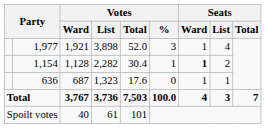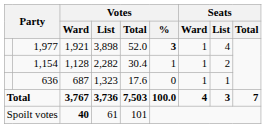 <table class=wikitable style="text-align:right">
 <tr>
 <th rowspan="2" colspan="2">Party</th>
 <th colspan="4" align="center">Votes</th>
 <th colspan="3" align="center">Seats</th>
 </tr>
 <tr>
 <th>Ward</th>
 <th>List</th>
 <th>Total</th>
 <th>%</th>
 <th>Ward</th>
 <th>List</th>
 <th>Total</th>
 </tr>
 <tr>
 <td></td>
 <td>1,977</td>
 <td>1,921</td>
 <td>3,898</td>
 <td>52.0</td>
-<td>3</td>
+<td><strong>3</strong></td>
 <td>1</td>
 <td>4</td>
 </tr>
 <tr>
 <td></td>
 <td>1,154</td>
 <td>1,128</td>
 <td>2,282</td>
 <td>30.4</td>
 <td>1</td>
-<td><strong>1</strong></td>
+<td>1</td>
 <td>2</td>
 </tr>
 <tr>
 <td></td>
 <td>636</td>
 <td>687</td>
 <td>1,323</td>
 <td>17.6</td>
 <td>0</td>
 <td>1</td>
 <td>1</td>
 </tr>
 <tr>
 <td colspan="2" style="text-align:left"><strong>Total</strong></td>
 <td><strong>3,767</strong></td>
 <td><strong>3,736</strong></td>
 <td><strong>7,503</strong></td>
 <td><strong>100.0</strong></td>
 <td><strong>4</strong></td>
 <td><strong>3</strong></td>
 <td><strong>7</strong></td>
 </tr>
 <tr>
 <td colspan="2" style="text-align:left">Spoilt votes</td>
-<td>40</td>
+<td><strong>40</strong></td>
 <td>61</td>
 <td>101</td>
 </tr>
 </table>
